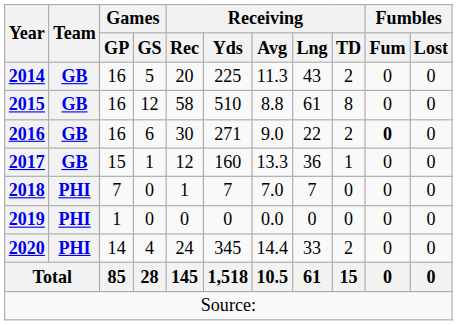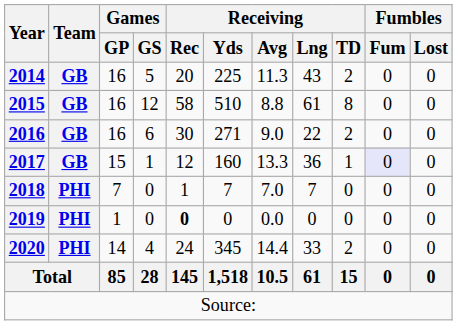 <table class="wikitable" style="text-align: center;">
 <tr>
 <th rowspan="2">Year</th>
 <th rowspan="2">Team</th>
 <th colspan="2">Games</th>
 <th colspan="5">Receiving</th>
 <th colspan="2">Fumbles</th>
 </tr>
 <tr>
 <th>GP</th>
 <th>GS</th>
 <th>Rec</th>
 <th>Yds</th>
 <th>Avg</th>
 <th>Lng</th>
 <th>TD</th>
 <th>Fum</th>
 <th>Lost</th>
 </tr>
 <tr>
 <th><a href='#'>2014</a></th>
 <th><a href='#'>GB</a></th>
 <td>16</td>
 <td>5</td>
 <td>20</td>
 <td>225</td>
 <td>11.3</td>
 <td>43</td>
 <td>2</td>
 <td>0</td>
 <td>0</td>
 </tr>
 <tr>
 <th><a href='#'>2015</a></th>
 <th><a href='#'>GB</a></th>
 <td>16</td>
 <td>12</td>
 <td>58</td>
 <td>510</td>
 <td>8.8</td>
 <td>61</td>
 <td>8</td>
 <td>0</td>
 <td>0</td>
 </tr>
 <tr>
 <th><a href='#'>2016</a></th>
 <th><a href='#'>GB</a></th>
 <td>16</td>
 <td>6</td>
 <td>30</td>
 <td>271</td>
 <td>9.0</td>
 <td>22</td>
 <td>2</td>
-<td><strong>0</strong></td>
+<td>0</td>
 <td>0</td>
 </tr>
 <tr>
 <th><a href='#'>2017</a></th>
 <th><a href='#'>GB</a></th>
 <td>15</td>
 <td>1</td>
 <td>12</td>
 <td>160</td>
 <td>13.3</td>
 <td>36</td>
 <td>1</td>
-<td>0</td>
+<td style="background: lavender;">0</td>
 <td>0</td>
 </tr>
 <tr>
 <th><a href='#'>2018</a></th>
 <th><a href='#'>PHI</a></th>
 <td>7</td>
 <td>0</td>
 <td>1</td>
 <td>7</td>
 <td>7.0</td>
 <td>7</td>
 <td>0</td>
 <td>0</td>
 <td>0</td>
 </tr>
 <tr>
 <th><a href='#'>2019</a></th>
 <th><a href='#'>PHI</a></th>
 <td>1</td>
 <td>0</td>
-<td>0</td>
+<td><strong>0</strong></td>
 <td>0</td>
 <td>0.0</td>
 <td>0</td>
 <td>0</td>
 <td>0</td>
 <td>0</td>
 </tr>
 <tr>
 <th><a href='#'>2020</a></th>
 <th><a href='#'>PHI</a></th>
 <td>14</td>
 <td>4</td>
 <td>24</td>
 <td>345</td>
 <td>14.4</td>
 <td>33</td>
 <td>2</td>
 <td>0</td>
 <td>0</td>
 </tr>
 <tr>
 <th colspan="2">Total</th>
 <th>85</th>
 <th>28</th>
 <th>145</th>
 <th>1,518</th>
 <th>10.5</th>
 <th>61</th>
 <th>15</th>
 <th>0</th>
 <th>0</th>
 </tr>
 <tr>
 <td colspan="11">Source: </td>
 </tr>
 </table>
